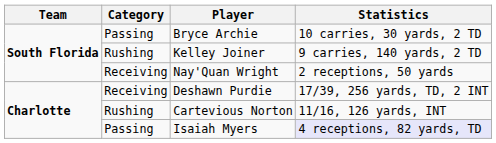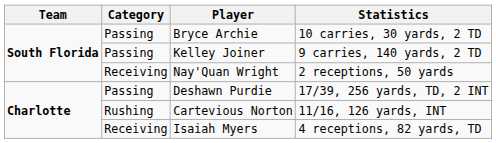 <table class="wikitable" style="float: right;">
 <tr>
 <th>Team</th>
 <th>Category</th>
 <th>Player</th>
 <th>Statistics</th>
 </tr>
 <tr>
 <td rowspan=3><strong>South Florida</strong></td>
 <td>Passing</td>
 <td>Bryce Archie</td>
 <td>10 carries, 30 yards, 2 TD</td>
 </tr>
 <tr>
-<td>Rushing</td>
+<td>Passing</td>
 <td>Kelley Joiner</td>
 <td>9 carries, 140 yards, 2 TD</td>
 </tr>
 <tr>
 <td>Receiving</td>
 <td>Nay'Quan Wright</td>
 <td>2 receptions, 50 yards</td>
 </tr>
 <tr>
 <td rowspan=3><strong>Charlotte</strong></td>
-<td>Receiving</td>
+<td>Passing</td>
 <td>Deshawn Purdie</td>
 <td>17/39, 256 yards, TD, 2 INT</td>
 </tr>
 <tr>
 <td>Rushing</td>
 <td>Cartevious Norton</td>
 <td>11/16, 126 yards, INT</td>
 </tr>
 <tr>
-<td>Passing</td>
+<td>Receiving</td>
 <td>Isaiah Myers</td>
-<td style="background: lavender;">4 receptions, 82 yards, TD</td>
+<td>4 receptions, 82 yards, TD</td>
 </tr>
 </table>
